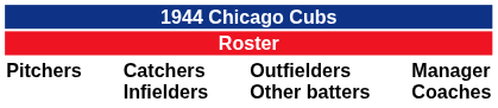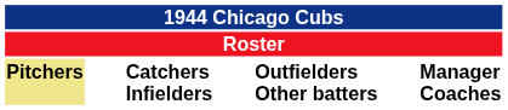 <table class="toccolours" style="font-size: 95%;">
 <tr>
 <th colspan="10" style="background-color: #0e3386; color: white; text-align: center;">1944 Chicago Cubs</th>
 </tr>
 <tr>
 <td colspan="10" style="background-color: #EE1422; color: white; text-align: center;"><strong>Roster</strong></td>
 </tr>
 <tr>
-<td valign="top"><strong>Pitchers</strong><br>             </td>
+<td valign="top" style="background: khaki;"><strong>Pitchers</strong><br>             </td>
 <td width="25px"></td>
 <td valign="top"><strong>Catchers</strong><br>      <strong>Infielders</strong>           </td>
 <td width="25px"></td>
 <td valign="top"><strong>Outfielders</strong><br>        <strong>Other batters</strong> </td>
 <td width="25px"></td>
 <td valign="top"><strong>Manager</strong><br>   <strong>Coaches</strong>   </td>
 </tr>
 <tr>
 </tr>
 </table>
